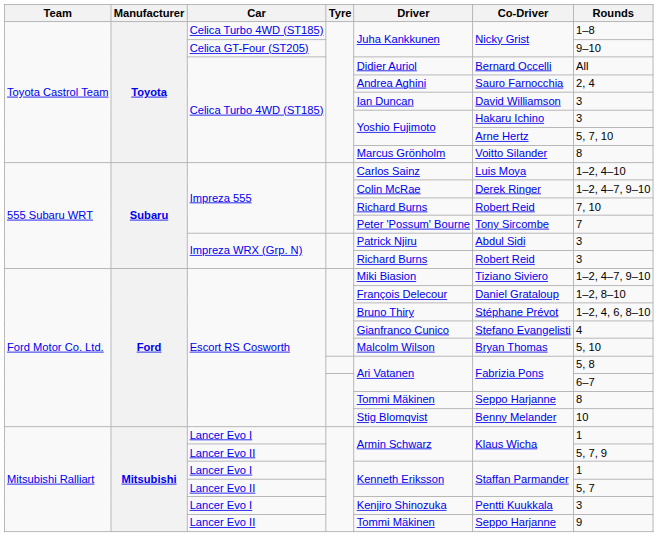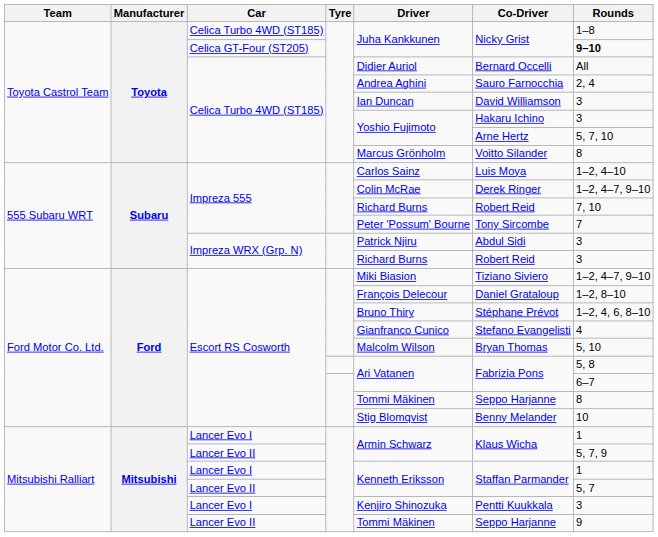 <table class="wikitable" style="font-size: 85%">
 <tr>
 <th>Team</th>
 <th>Manufacturer</th>
 <th>Car</th>
 <th>Tyre</th>
 <th>Driver</th>
 <th>Co-Driver</th>
 <th>Rounds</th>
 </tr>
 <tr>
 <td rowspan="8" nowrap=""> <a href='#'>Toyota Castrol Team</a></td>
 <th rowspan="8"><a href='#'>Toyota</a></th>
 <td nowrap=""><a href='#'>Celica Turbo 4WD (ST185)</a></td>
 <td rowspan="8" align="center"></td>
 <td rowspan="2"> <a href='#'>Juha Kankkunen</a></td>
 <td rowspan="2" nowrap=""> <a href='#'>Nicky Grist</a></td>
 <td>1–8</td>
 </tr>
 <tr>
 <td><a href='#'>Celica GT-Four (ST205)</a></td>
-<td>9–10</td>
+<td><strong>9–10</strong></td>
 </tr>
 <tr>
 <td rowspan="6"><a href='#'>Celica Turbo 4WD (ST185)</a></td>
 <td> <a href='#'>Didier Auriol</a></td>
 <td> <a href='#'>Bernard Occelli</a></td>
 <td>All</td>
 </tr>
 <tr>
 <td> <a href='#'>Andrea Aghini</a></td>
 <td> <a href='#'>Sauro Farnocchia</a></td>
 <td>2, 4</td>
 </tr>
 <tr>
 <td> <a href='#'>Ian Duncan</a></td>
 <td> <a href='#'>David Williamson</a></td>
 <td>3</td>
 </tr>
 <tr>
 <td rowspan="2"> <a href='#'>Yoshio Fujimoto</a></td>
 <td> <a href='#'>Hakaru Ichino</a></td>
 <td>3</td>
 </tr>
 <tr>
 <td> <a href='#'>Arne Hertz</a></td>
 <td>5, 7, 10</td>
 </tr>
 <tr>
 <td> <a href='#'>Marcus Grönholm</a></td>
 <td> <a href='#'>Voitto Silander</a></td>
 <td>8</td>
 </tr>
 <tr>
 <td rowspan="6"> <a href='#'>555 Subaru WRT</a></td>
 <th rowspan="6"><a href='#'>Subaru</a></th>
 <td rowspan="4"><a href='#'>Impreza 555</a></td>
 <td rowspan="4" align="center"></td>
 <td nowrap=""> <a href='#'>Carlos Sainz</a></td>
 <td> <a href='#'>Luis Moya</a></td>
 <td>1–2, 4–10</td>
 </tr>
 <tr>
 <td> <a href='#'>Colin McRae</a></td>
 <td> <a href='#'>Derek Ringer</a></td>
 <td>1–2, 4–7, 9–10</td>
 </tr>
 <tr>
 <td> <a href='#'>Richard Burns</a></td>
 <td> <a href='#'>Robert Reid</a></td>
 <td>7, 10</td>
 </tr>
 <tr>
 <td> <a href='#'>Peter 'Possum' Bourne</a></td>
 <td> <a href='#'>Tony Sircombe</a></td>
 <td>7</td>
 </tr>
 <tr>
 <td rowspan="2"><a href='#'>Impreza WRX (Grp. N)</a></td>
 <td rowspan="2" align="center"></td>
 <td> <a href='#'>Patrick Njiru</a></td>
 <td> <a href='#'>Abdul Sidi</a></td>
 <td>3</td>
 </tr>
 <tr>
 <td> <a href='#'>Richard Burns</a></td>
 <td> <a href='#'>Robert Reid</a></td>
 <td>3</td>
 </tr>
 <tr>
 <td rowspan="9"> <a href='#'>Ford Motor Co. Ltd.</a></td>
 <th rowspan="9"><a href='#'>Ford</a></th>
 <td rowspan="9"><a href='#'>Escort RS Cosworth</a></td>
 <td rowspan="5" align="center"></td>
 <td> <a href='#'>Miki Biasion</a></td>
 <td> <a href='#'>Tiziano Siviero</a></td>
 <td>1–2, 4–7, 9–10</td>
 </tr>
 <tr>
 <td> <a href='#'>François Delecour</a></td>
 <td> <a href='#'>Daniel Grataloup</a></td>
 <td>1–2, 8–10</td>
 </tr>
 <tr>
 <td> <a href='#'>Bruno Thiry</a></td>
 <td> <a href='#'>Stéphane Prévot</a></td>
 <td>1–2, 4, 6, 8–10</td>
 </tr>
 <tr>
 <td> <a href='#'>Gianfranco Cunico</a></td>
 <td> <a href='#'>Stefano Evangelisti</a></td>
 <td>4</td>
 </tr>
 <tr>
 <td> <a href='#'>Malcolm Wilson</a></td>
 <td> <a href='#'>Bryan Thomas</a></td>
 <td>5, 10</td>
 </tr>
 <tr>
 <td align="center"></td>
 <td rowspan="2"> <a href='#'>Ari Vatanen</a></td>
 <td rowspan="2"> <a href='#'>Fabrizia Pons</a></td>
 <td>5, 8</td>
 </tr>
 <tr>
 <td rowspan="3" align="center"></td>
 <td>6–7</td>
 </tr>
 <tr>
 <td> <a href='#'>Tommi Mäkinen</a></td>
 <td> <a href='#'>Seppo Harjanne</a></td>
 <td>8</td>
 </tr>
 <tr>
 <td> <a href='#'>Stig Blomqvist</a></td>
 <td> <a href='#'>Benny Melander</a></td>
 <td>10</td>
 </tr>
 <tr>
 <td rowspan="6"> <a href='#'>Mitsubishi Ralliart</a></td>
 <th rowspan="6"><a href='#'>Mitsubishi</a></th>
 <td><a href='#'>Lancer Evo I</a></td>
 <td rowspan="6" align="center"></td>
 <td rowspan="2"> <a href='#'>Armin Schwarz</a></td>
 <td rowspan="2"> <a href='#'>Klaus Wicha</a></td>
 <td>1</td>
 </tr>
 <tr>
 <td><a href='#'>Lancer Evo II</a></td>
 <td>5, 7, 9</td>
 </tr>
 <tr>
 <td><a href='#'>Lancer Evo I</a></td>
 <td rowspan="2"> <a href='#'>Kenneth Eriksson</a></td>
 <td rowspan="2"> <a href='#'>Staffan Parmander</a></td>
 <td>1</td>
 </tr>
 <tr>
 <td><a href='#'>Lancer Evo II</a></td>
 <td>5, 7</td>
 </tr>
 <tr>
 <td><a href='#'>Lancer Evo I</a></td>
 <td> <a href='#'>Kenjiro Shinozuka</a></td>
 <td> <a href='#'>Pentti Kuukkala</a></td>
 <td>3</td>
 </tr>
 <tr>
 <td><a href='#'>Lancer Evo II</a></td>
 <td> <a href='#'>Tommi Mäkinen</a></td>
 <td> <a href='#'>Seppo Harjanne</a></td>
 <td>9</td>
 </tr>
 </table>
